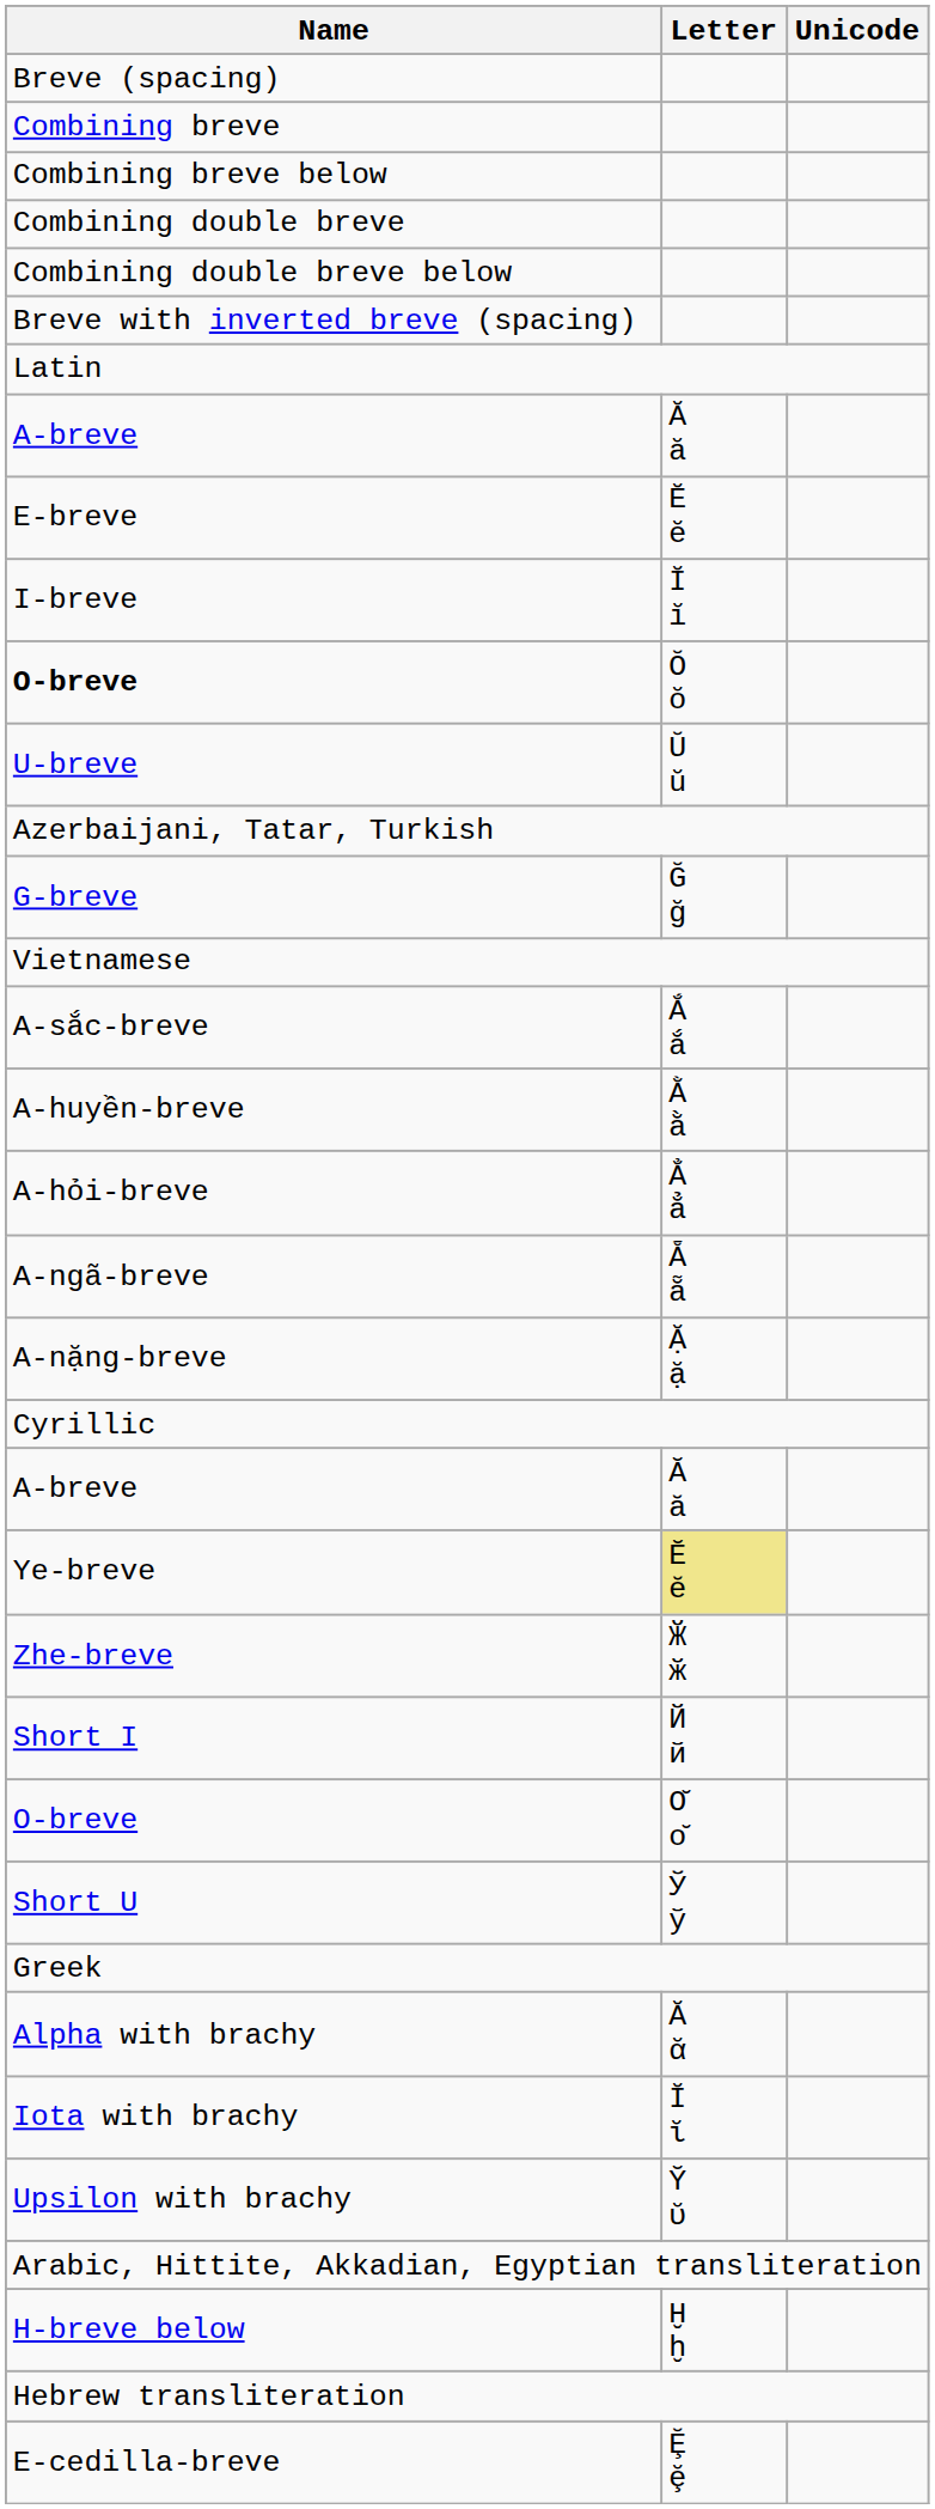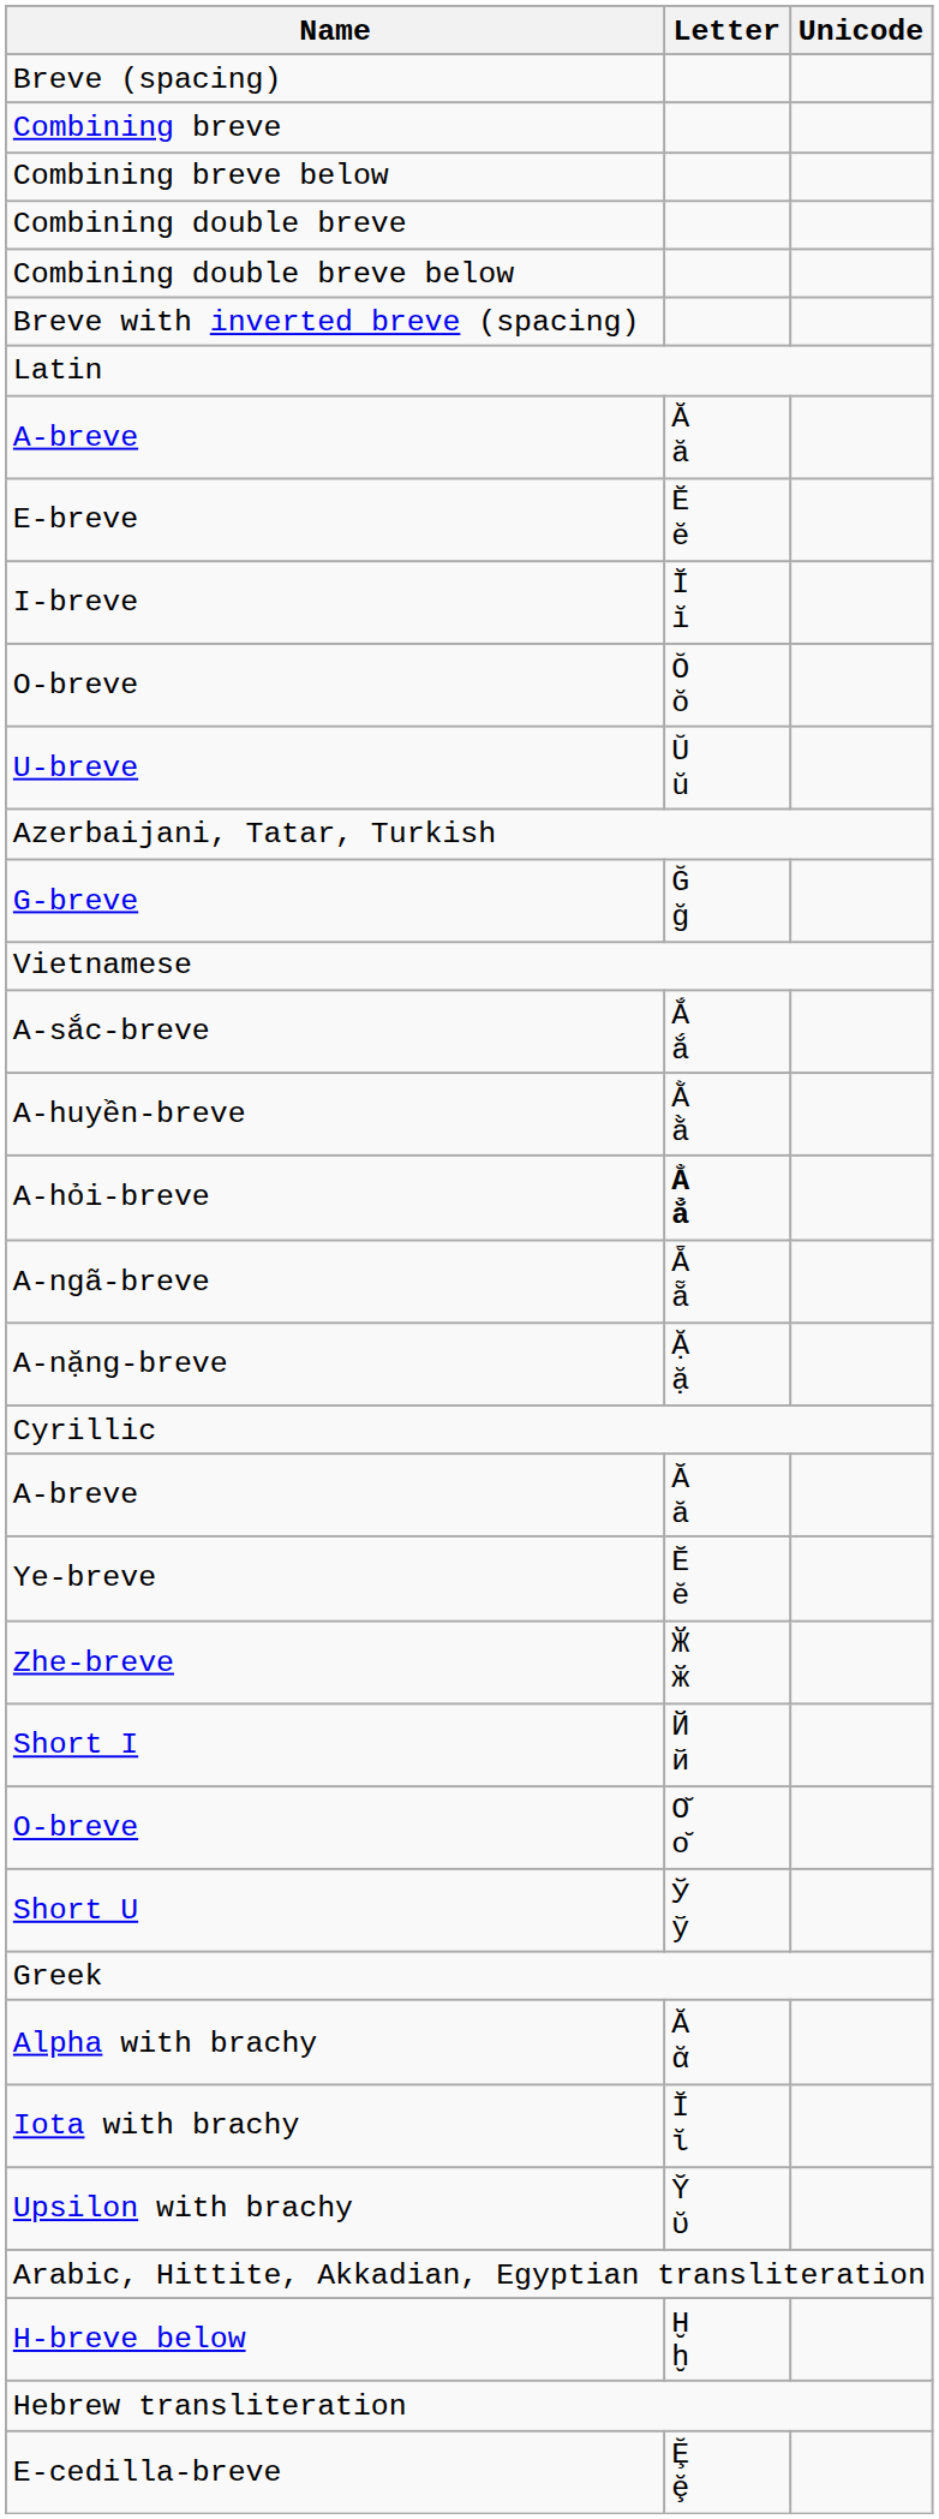 <table class="wikitable">
 <tr>
 <th>Name</th>
 <th>Letter</th>
 <th>Unicode</th>
 </tr>
 <tr>
 <td>Breve (spacing)</td>
 <td></td>
 <td></td>
 </tr>
 <tr>
 <td><a href='#'>Combining</a> breve</td>
 <td><span></span></td>
 <td></td>
 </tr>
 <tr>
 <td>Combining breve below</td>
 <td><span></span></td>
 <td></td>
 </tr>
 <tr>
 <td>Combining double breve</td>
 <td><span></span></td>
 <td></td>
 </tr>
 <tr>
 <td>Combining double breve below</td>
 <td><span></span></td>
 <td></td>
 </tr>
 <tr>
 <td>Breve with <a href='#'>inverted breve</a> (spacing)</td>
 <td></td>
 <td></td>
 </tr>
 <tr>
 <td colspan="4" >Latin</td>
 </tr>
 <tr>
 <td><a href='#'>A-breve</a></td>
 <td>Ă<br>ă</td>
 <td><br></td>
 </tr>
 <tr>
 <td>E-breve</td>
 <td>Ĕ<br>ĕ</td>
 <td><br></td>
 </tr>
 <tr>
 <td>I-breve</td>
 <td>Ĭ<br>ĭ</td>
 <td><br></td>
 </tr>
 <tr>
-<td><strong>O-breve</strong></td>
+<td>O-breve</td>
 <td>Ŏ<br>ŏ</td>
 <td><br></td>
 </tr>
 <tr>
 <td><a href='#'>U-breve</a></td>
 <td>Ŭ<br>ŭ</td>
 <td><br></td>
 </tr>
 <tr>
 <td colspan="4" >Azerbaijani, Tatar, Turkish</td>
 </tr>
 <tr>
 <td><a href='#'>G-breve</a></td>
 <td>Ğ<br>ğ</td>
 <td><br></td>
 </tr>
 <tr>
 <td colspan="4" >Vietnamese</td>
 </tr>
 <tr>
 <td>A-sắc-breve</td>
 <td>Ắ<br>ắ</td>
 <td><br></td>
 </tr>
 <tr>
 <td>A-huyền-breve</td>
 <td>Ằ<br>ằ</td>
 <td><br></td>
 </tr>
 <tr>
 <td>A-hỏi-breve</td>
-<td>Ẳ<br>ẳ</td>
+<td><strong>Ẳ<br>ẳ</strong></td>
 <td><br></td>
 </tr>
 <tr>
 <td>A-ngã-breve</td>
 <td>Ẵ<br>ẵ</td>
 <td><br></td>
 </tr>
 <tr>
 <td>A-nặng-breve</td>
 <td>Ặ<br>ặ</td>
 <td><br></td>
 </tr>
 <tr>
 <td colspan="4" >Cyrillic</td>
 </tr>
 <tr>
 <td>A-breve</td>
 <td>Ӑ<br>ӑ</td>
 <td><br></td>
 </tr>
 <tr>
 <td>Ye-breve</td>
-<td style="background: khaki;">Ӗ<br>ӗ</td>
+<td>Ӗ<br>ӗ</td>
 <td><br></td>
 </tr>
 <tr>
 <td><a href='#'>Zhe-breve</a></td>
 <td>Ӂ<br>ӂ</td>
 <td><br></td>
 </tr>
 <tr>
 <td><a href='#'>Short I</a></td>
 <td>Й<br>й</td>
 <td><br></td>
 </tr>
 <tr>
 <td><a href='#'>O-breve</a></td>
 <td>О̆<br>о̆</td>
 <td> <br> </td>
 </tr>
 <tr>
 <td><a href='#'>Short U</a></td>
 <td>Ў<br>ў</td>
 <td><br></td>
 </tr>
 <tr>
 <td colspan="4" >Greek</td>
 </tr>
 <tr>
 <td><a href='#'>Alpha</a> with brachy</td>
 <td>Ᾰ<br>ᾰ</td>
 <td><br></td>
 </tr>
 <tr>
 <td><a href='#'>Iota</a> with brachy</td>
 <td>Ῐ<br>ῐ</td>
 <td><br></td>
 </tr>
 <tr>
 <td><a href='#'>Upsilon</a> with brachy</td>
 <td>Ῠ<br>ῠ</td>
 <td><br></td>
 </tr>
 <tr>
 <td colspan="4" >Arabic, Hittite, Akkadian, Egyptian transliteration</td>
 </tr>
 <tr>
 <td><a href='#'>H-breve below</a></td>
 <td>Ḫ<br>ḫ</td>
 <td><br></td>
 </tr>
 <tr>
 <td colspan="4" >Hebrew transliteration</td>
 </tr>
 <tr>
 <td>E-cedilla-breve</td>
 <td>Ḝ<br>ḝ</td>
 <td><br></td>
 </tr>
 </table>
